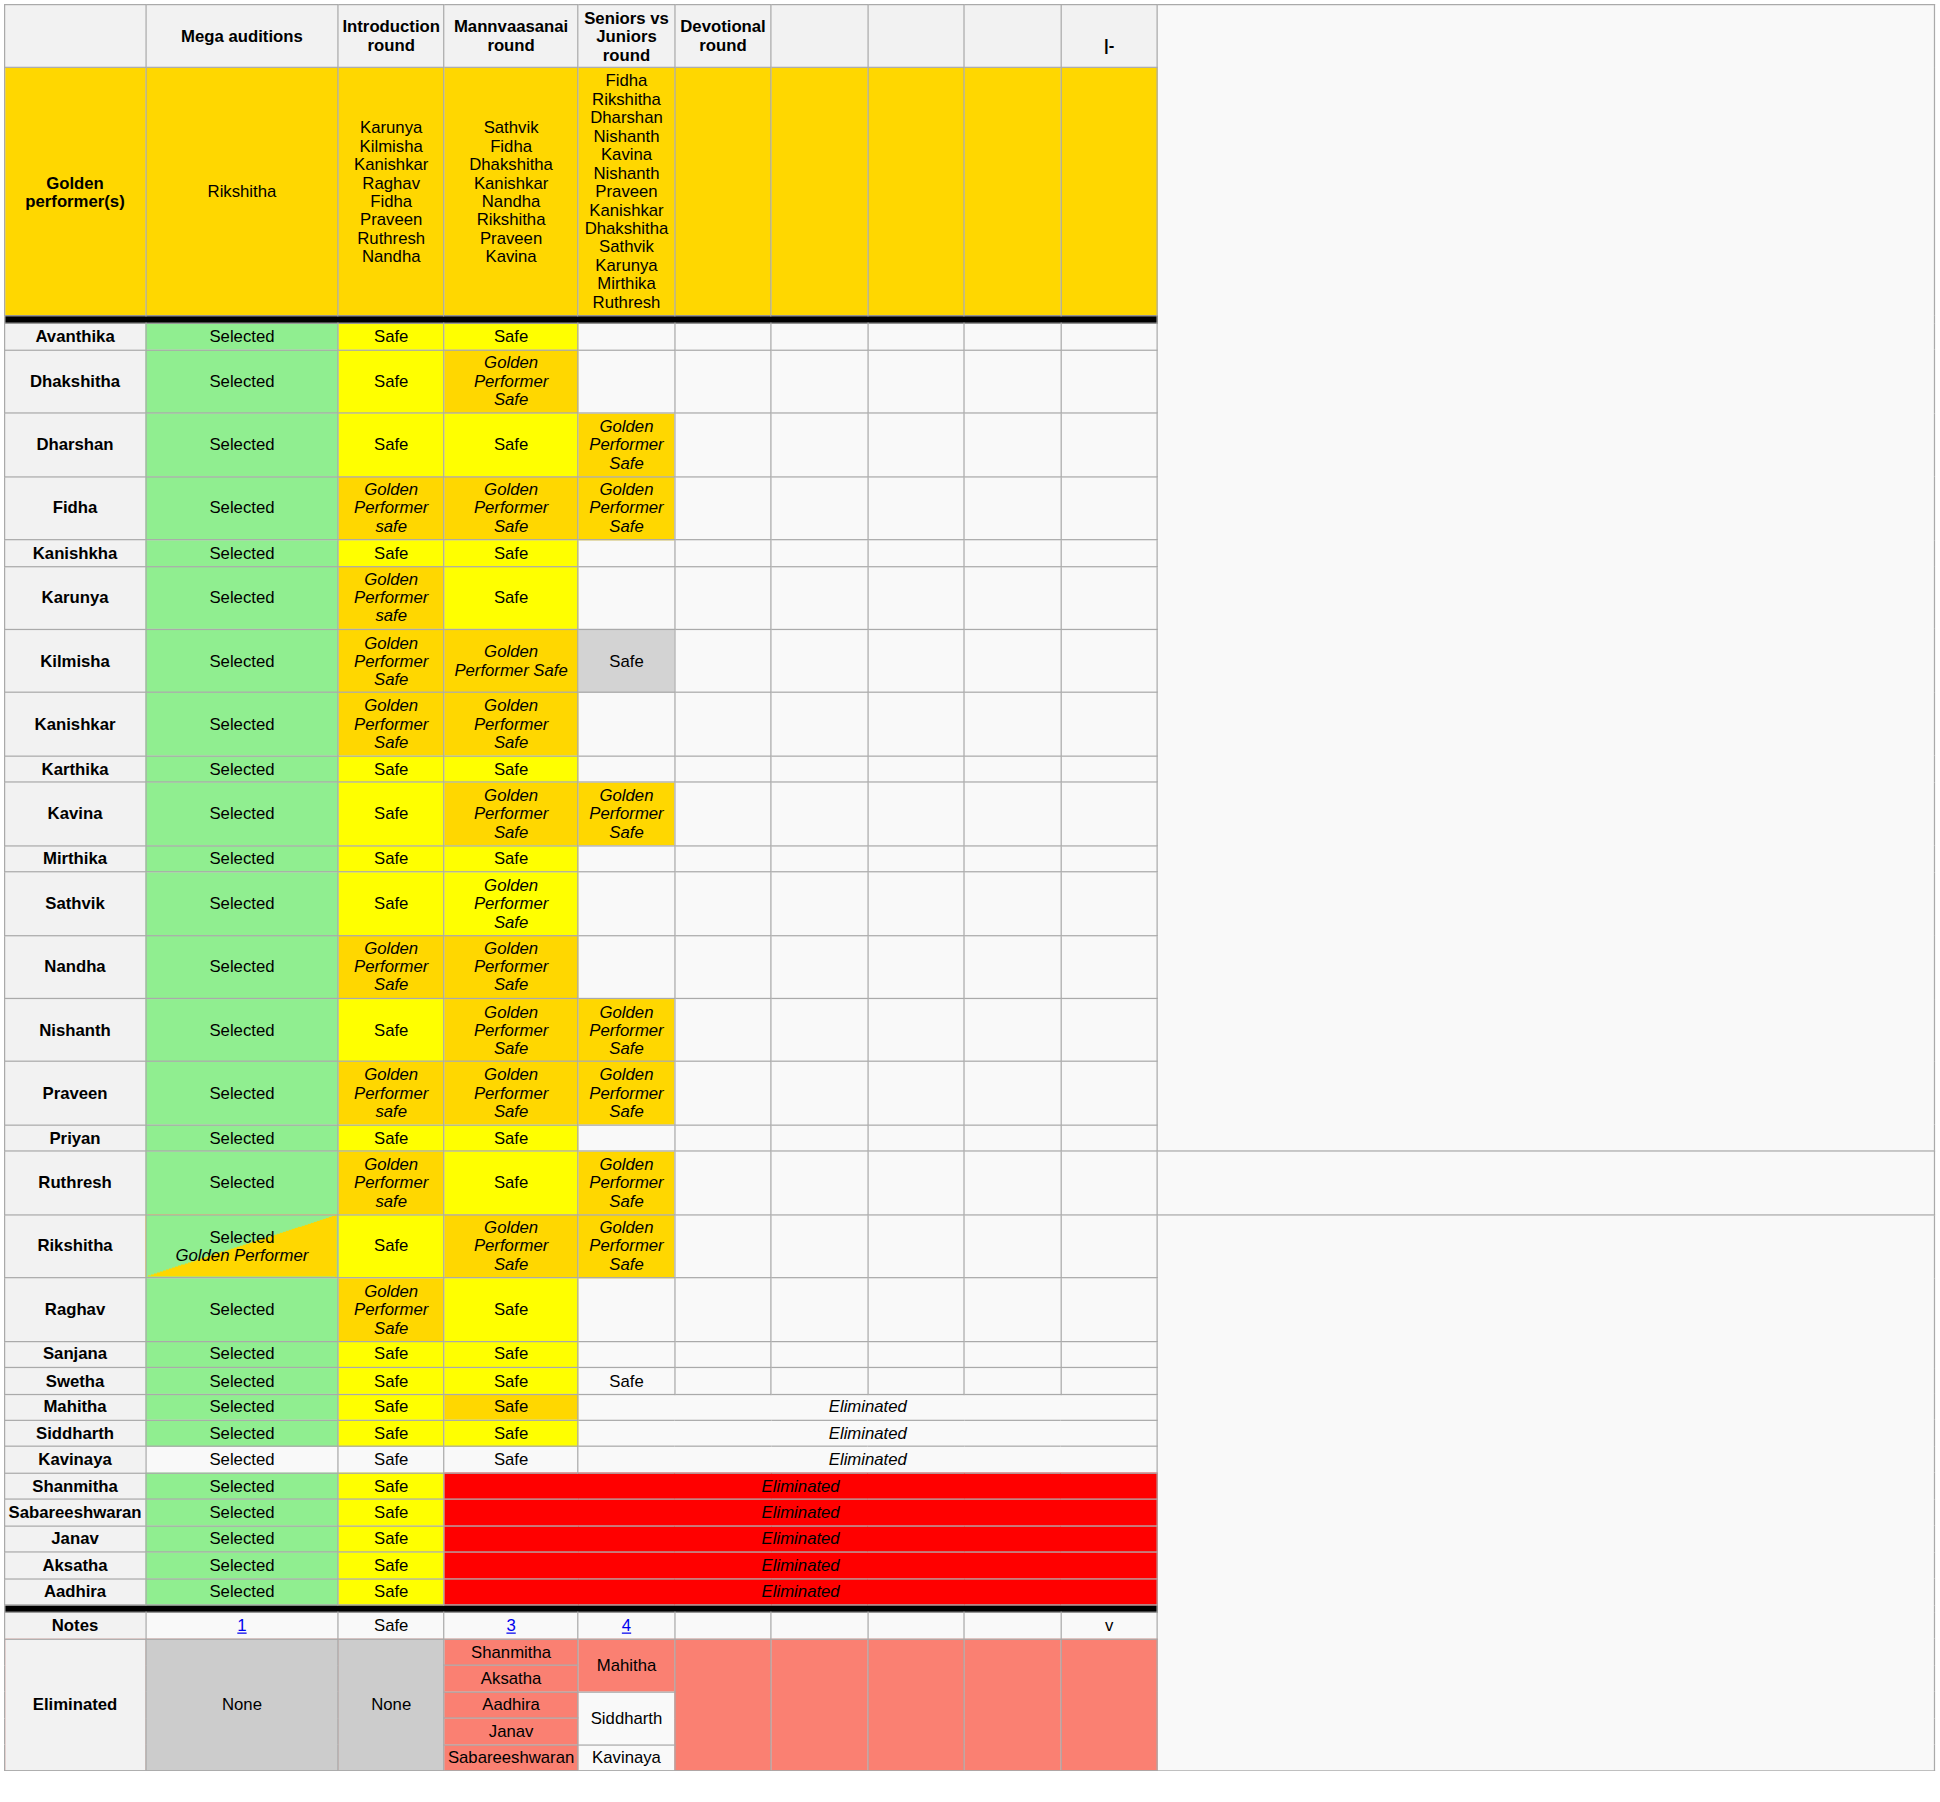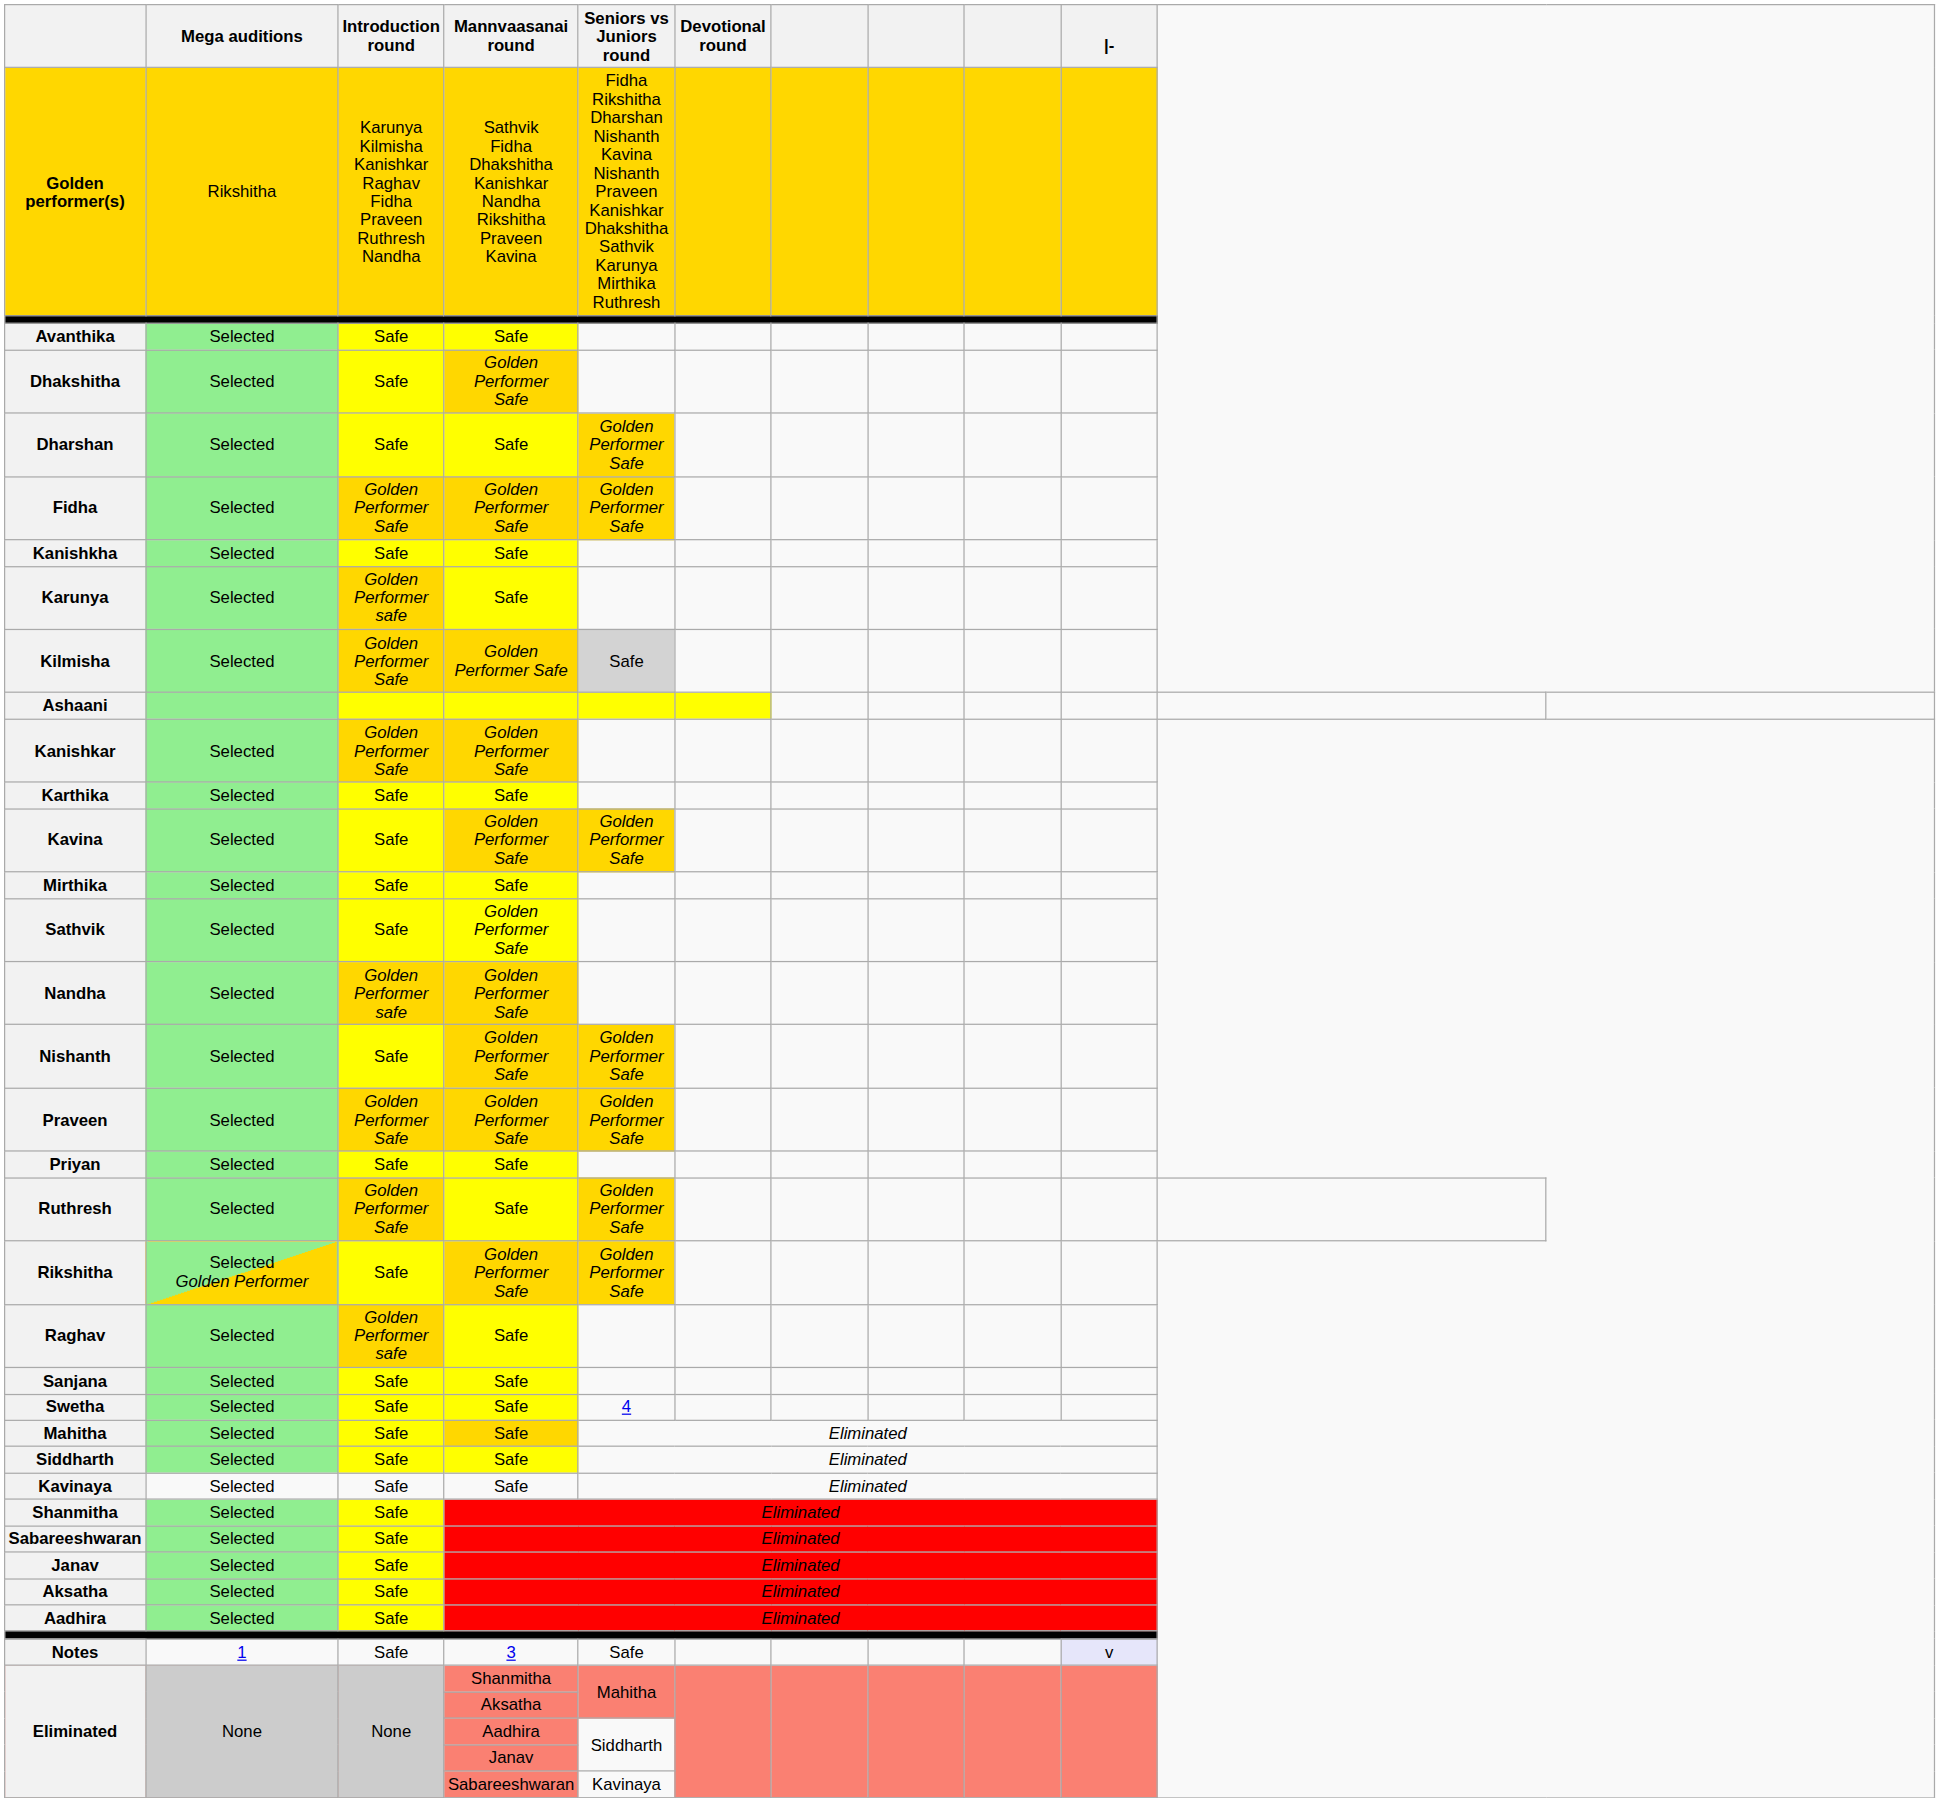 <table class="wikitable" style="text-align:center; font-size:85%; font-family: sans-serif; line-height:15px;">
 <tr>
 <th style="width: 5%;"></th>
 <th style="width: 10%;">Mega auditions</th>
 <th style="width: 5%;">Introduction round</th>
 <th style="width: 5%;">Mannvaasanai round</th>
 <th style="width: 5%;"><strong>Seniors vs Juniors round</strong></th>
 <th style="width: 5%;"><strong>Devotional round</strong></th>
 <th style="width: 5%;"></th>
 <th style="width: 5%;"></th>
 <th style="width: 5%;"></th>
 <th style="width:5%;"><br>|-</th>
 </tr>
 <tr>
 <th style="width:5%; background:#FFD700">Golden performer(s)</th>
 <td style="width:5%; background:#FFD700">Rikshitha</td>
 <td style="width:5%; background:#FFD700">Karunya<br>Kilmisha<br> Kanishkar<br>Raghav<br>Fidha<br>Praveen<br>Ruthresh<br>Nandha</td>
 <td style="width:5%; background:#FFD700">Sathvik<br>Fidha<br>Dhakshitha<br>Kanishkar<br>Nandha<br>Rikshitha<br>Praveen<br>Kavina</td>
 <td style="width:5%; background:#FFD700">Fidha<br>Rikshitha<br>Dharshan<br>Nishanth<br>Kavina<br>Nishanth<br>Praveen<br>Kanishkar<br>Dhakshitha<br>Sathvik<br>Karunya<br>Mirthika<br>Ruthresh</td>
 <td style="width:5%; background:#FFD700"></td>
 <td style="width:5%; background:#FFD700"></td>
 <td style="width:5%; background:#FFD700"></td>
 <td style="width:5%; background:#FFD700"></td>
 <td style="width:5%; background:#FFD700"></td>
 </tr>
 <tr>
 <th colspan="10" style="background:#000;"></th>
 </tr>
 <tr>
 <th>Avanthika</th>
 <td style="width:5%; background:lightgreen">Selected</td>
 <td style="width:5%; background:yellow">Safe</td>
 <td style="width:5%; background:yellow">Safe</td>
 <td></td>
 <td></td>
 <td></td>
 <td></td>
 <td></td>
 <td></td>
 </tr>
 <tr>
 <th>Dhakshitha</th>
 <td style="width:5%; background:lightgreen">Selected</td>
 <td style="width:5%; background:yellow">Safe</td>
 <td style="width:5%; background:#FFD700"><em>Golden Performer<br>Safe</em></td>
 <td></td>
 <td></td>
 <td></td>
 <td></td>
 <td></td>
 <td></td>
 </tr>
 <tr>
 <th>Dharshan</th>
 <td style="width:5%; background:lightgreen">Selected</td>
 <td style="width:5%; background:yellow">Safe</td>
 <td style="width:5%; background:yellow">Safe</td>
 <td style="width:5%; background:#FFD700"><em>Golden Performer<br>Safe</em></td>
 <td></td>
 <td></td>
 <td></td>
 <td></td>
 <td></td>
 </tr>
 <tr>
 <th>Fidha</th>
 <td style="width:5%; background:lightgreen">Selected</td>
-<td style="width:5%; background:#FFD700"><em>Golden Performer<br>safe</em></td>
+<td style="width:5%; background:#FFD700"><em>Golden Performer</em><br><em>Safe</em></td>
 <td style="width:5%; background:#FFD700"><em>Golden Performer<br>Safe</em></td>
 <td style="width:5%; background:#FFD700"><em>Golden Performer<br>Safe</em></td>
 <td></td>
 <td></td>
 <td></td>
 <td></td>
 <td></td>
 </tr>
 <tr>
 <th>Kanishkha</th>
 <td style="width:5%; background:lightgreen">Selected</td>
 <td style="width:5%; background:yellow">Safe</td>
 <td style="width:5%; background:yellow">Safe</td>
 <td></td>
 <td></td>
 <td></td>
 <td></td>
 <td></td>
 <td></td>
 </tr>
 <tr>
 <th>Karunya</th>
 <td style="width:5%; background:lightgreen">Selected</td>
 <td style="width:5%; background:#FFD700"><em>Golden Performer<br>safe</em></td>
 <td style="width:5%; background:yellow">Safe</td>
 <td></td>
 <td></td>
 <td></td>
 <td></td>
 <td></td>
 <td></td>
 </tr>
 <tr>
 <th>Kilmisha</th>
 <td style="width:5%; background:lightgreen">Selected</td>
 <td style="width:5%; background:#FFD700"><em>Golden Performer</em><br><em>Safe</em></td>
 <td style="width:5%; background:#FFD700"><em>Golden Performer Safe</em></td>
 <td style="background: lightgrey;">Safe</td>
+<td></td>
+<td></td>
+<td></td>
+<td></td>
+<td></td>
+</tr>
+<tr>
+<th>Ashaani</th>
+<td style="width:5%; background:lightgreen"></td>
+<td style="width:5%; background:yellow"></td>
+<td style="width:5%; background:yellow"></td>
+<td style="width:5%; background:yellow"></td>
+<td style="width:5%; background:yellow"></td>
+<td></td>
 <td></td>
 <td></td>
 <td></td>
 <td></td>
 <td></td>
 </tr>
 <tr>
 <th>Kanishkar</th>
 <td style="width:5%; background:lightgreen">Selected</td>
 <td style="width:5%; background:#FFD700"><em>Golden Performer</em><br><em>Safe</em></td>
 <td style="width:5%; background:#FFD700"><em>Golden Performer<br>Safe</em></td>
 <td></td>
 <td></td>
 <td></td>
 <td></td>
 <td></td>
 <td></td>
 </tr>
 <tr>
 <th>Karthika</th>
 <td style="width:5%; background:lightgreen">Selected</td>
 <td style="width:5%; background:yellow">Safe</td>
 <td style="width:5%; background:yellow">Safe</td>
 <td></td>
 <td></td>
 <td></td>
 <td></td>
 <td></td>
 <td></td>
 </tr>
 <tr>
 <th>Kavina</th>
 <td style="width:5%; background:lightgreen">Selected</td>
 <td style="width:5%; background:yellow">Safe</td>
 <td style="width:5%; background:#FFD700"><em>Golden Performer<br>Safe</em></td>
 <td style="width:5%; background:#FFD700"><em>Golden Performer<br>Safe</em></td>
 <td></td>
 <td></td>
 <td></td>
 <td></td>
 <td></td>
 </tr>
 <tr>
 <th>Mirthika</th>
 <td style="width:5%; background:lightgreen">Selected</td>
 <td style="width:5%; background:yellow">Safe</td>
 <td style="width:5%; background:yellow">Safe</td>
 <td></td>
 <td></td>
 <td></td>
 <td></td>
 <td></td>
 <td></td>
 </tr>
 <tr>
 <th>Sathvik</th>
 <td style="width:5%; background:lightgreen">Selected</td>
 <td style="width:5%; background:yellow">Safe</td>
 <td style="width:5%; background:yellow"><em>Golden Performer<br>Safe</em></td>
 <td></td>
 <td></td>
 <td></td>
 <td></td>
 <td></td>
 <td></td>
 </tr>
 <tr>
 <th>Nandha</th>
 <td style="width:5%; background:lightgreen">Selected</td>
-<td style="width:5%; background:#FFD700"><em>Golden Performer<br>Safe</em></td>
+<td style="width:5%; background:#FFD700"><em>Golden Performer<br>safe</em></td>
 <td style="width:5%; background:#FFD700"><em>Golden Performer<br>Safe</em></td>
 <td></td>
 <td></td>
 <td></td>
 <td></td>
 <td></td>
 <td></td>
 </tr>
 <tr>
 <th>Nishanth</th>
 <td style="width:5%; background:lightgreen">Selected</td>
 <td style="width:5%; background:yellow">Safe</td>
 <td style="width:5%; background:#FFD700"><em>Golden Performer<br>Safe</em></td>
 <td style="width:5%; background:#FFD700"><em>Golden Performer<br>Safe</em></td>
 <td></td>
 <td></td>
 <td></td>
 <td></td>
 <td></td>
 </tr>
 <tr>
 <th>Praveen</th>
 <td style="width:5%; background:lightgreen">Selected</td>
-<td style="width:5%; background:#FFD700"><em>Golden Performer<br>safe</em></td>
+<td style="width:5%; background:#FFD700"><em>Golden Performer<br>Safe</em></td>
 <td style="width:5%; background:#FFD700"><em>Golden Performer<br>Safe</em></td>
 <td style="width:5%; background:#FFD700"><em>Golden Performer<br>Safe</em></td>
 <td></td>
 <td></td>
 <td></td>
 <td></td>
 <td></td>
 </tr>
 <tr>
 <th>Priyan</th>
 <td style="width:5%; background:lightgreen">Selected</td>
 <td style="width:5%; background:yellow">Safe</td>
 <td style="width:5%; background:yellow">Safe</td>
 <td></td>
 <td></td>
 <td></td>
 <td></td>
 <td></td>
 <td></td>
 </tr>
 <tr>
 <th>Ruthresh</th>
 <td style="width:5%; background:lightgreen">Selected</td>
-<td style="width:5%; background:#FFD700"><em>Golden Performer<br>safe</em></td>
+<td style="width:5%; background:#FFD700"><em>Golden Performer<br>Safe</em></td>
 <td style="width:5%; background:yellow">Safe</td>
 <td style="width:5%; background:#FFD700"><em>Golden Performer<br>Safe</em></td>
 <td></td>
 <td></td>
 <td></td>
 <td></td>
 <td></td>
 <td></td>
 </tr>
 <tr>
 <th>Rikshitha</th>
 <td style="background-image: linear-gradient(to right bottom, lightgreen 50%, #FFD700 50%);">Selected<br><em>Golden Performer</em></td>
 <td style="width:5%; background:yellow">Safe</td>
 <td style="width:5%; background:#FFD700"><em>Golden Performer<br>Safe</em></td>
 <td style="width:5%; background:#FFD700"><em>Golden Performer<br>Safe</em></td>
 <td></td>
 <td></td>
 <td></td>
 <td></td>
 <td></td>
 </tr>
 <tr>
 <th>Raghav</th>
 <td style="width:5%; background:lightgreen">Selected</td>
-<td style="width:5%; background:#FFD700"><em>Golden Performer<br>Safe</em></td>
+<td style="width:5%; background:#FFD700"><em>Golden Performer<br>safe</em></td>
 <td style="width:5%; background:yellow">Safe</td>
 <td></td>
 <td></td>
 <td></td>
 <td></td>
 <td></td>
 <td></td>
 </tr>
 <tr>
 <th>Sanjana</th>
 <td style="width:5%; background:lightgreen">Selected</td>
 <td style="width:5%; background:yellow">Safe</td>
 <td style="width:5%; background:yellow">Safe</td>
 <td></td>
 <td></td>
 <td></td>
 <td></td>
 <td></td>
 <td></td>
 </tr>
 <tr>
 <th>Swetha</th>
 <td style="width:5%; background:lightgreen">Selected</td>
 <td style="width:5%; background:yellow">Safe</td>
 <td style="width:5%; background:yellow">Safe</td>
-<td>Safe</td>
+<td><a href='#'>4</a></td>
 <td></td>
 <td></td>
 <td></td>
 <td></td>
 <td></td>
 </tr>
 <tr>
 <th>Mahitha</th>
 <td style="width:5%; background:lightgreen">Selected</td>
 <td style="width:5%; background:yellow">Safe</td>
 <td style="width:5%; background:#FFD700">Safe</td>
 <td colspan="6"><em>Eliminated</em></td>
 </tr>
 <tr>
 <th>Siddharth</th>
 <td style="width:5%; background:lightgreen">Selected</td>
 <td style="width:5%; background:yellow">Safe</td>
 <td style="width:5%; background:yellow">Safe</td>
 <td colspan="6"><em>Eliminated</em></td>
 </tr>
 <tr>
 <th>Kavinaya</th>
 <td>Selected</td>
 <td>Safe</td>
 <td>Safe</td>
 <td colspan="6"><em>Eliminated</em></td>
 </tr>
 <tr>
 <th>Shanmitha</th>
 <td style="width:5%; background:lightgreen">Selected</td>
 <td style="width:5%; background:yellow">Safe</td>
 <td colspan="7" style="width:5%; background:red"><em>Eliminated</em></td>
 </tr>
 <tr>
 <th>Sabareeshwaran</th>
 <td style="width:5%; background:lightgreen">Selected</td>
 <td style="width:5%; background:yellow">Safe</td>
 <td colspan="7" style="width:5%; background:red"><em>Eliminated</em></td>
 </tr>
 <tr>
 <th>Janav</th>
 <td style="width:5%; background:lightgreen">Selected</td>
 <td style="width:5%; background:yellow">Safe</td>
 <td colspan="7" style="width:5%; background:red"><em>Eliminated</em></td>
 </tr>
 <tr>
 <th>Aksatha</th>
 <td style="width:5%; background:lightgreen">Selected</td>
 <td style="width:5%; background:yellow">Safe</td>
 <td colspan="7" style="width:5%; background:red"><em>Eliminated</em></td>
 </tr>
 <tr>
 <th>Aadhira</th>
 <td style="width:5%; background:lightgreen">Selected</td>
 <td style="width:5%; background:yellow">Safe</td>
 <td colspan="7" style="width:5%; background:red"><em>Eliminated</em></td>
 </tr>
 <tr>
 <th colspan="10" style="background:#000;"></th>
 </tr>
 <tr>
 <th>Notes</th>
 <td><a href='#'>1</a></td>
 <td>Safe</td>
 <td><a href='#'>3</a></td>
-<td><a href='#'>4</a></td>
+<td>Safe</td>
 <td></td>
 <td></td>
 <td></td>
 <td></td>
-<td>v</td>
+<td style="background: lavender;">v</td>
 </tr>
 <tr style="background:#FA8072">
 <th rowspan="5">Eliminated</th>
 <td rowspan="5" style="background:#ccc;">None</td>
 <td rowspan="5" style="background:#ccc;">None</td>
 <td>Shanmitha</td>
 <td rowspan="2">Mahitha</td>
 <td rowspan="5"></td>
 <td rowspan="5"></td>
 <td rowspan="5"></td>
 <td rowspan="5"></td>
 <td rowspan="5"></td>
 </tr>
 <tr>
 <td style="background:#FA8072;">Aksatha</td>
 </tr>
 <tr>
 <td style="background:#FA8072;">Aadhira</td>
 <td rowspan="2">Siddharth</td>
 </tr>
 <tr>
 <td style="background:#FA8072;">Janav</td>
 </tr>
 <tr>
 <td style="background:#FA8072;">Sabareeshwaran</td>
 <td>Kavinaya</td>
 </tr>
 <tr>
 </tr>
 </table>
